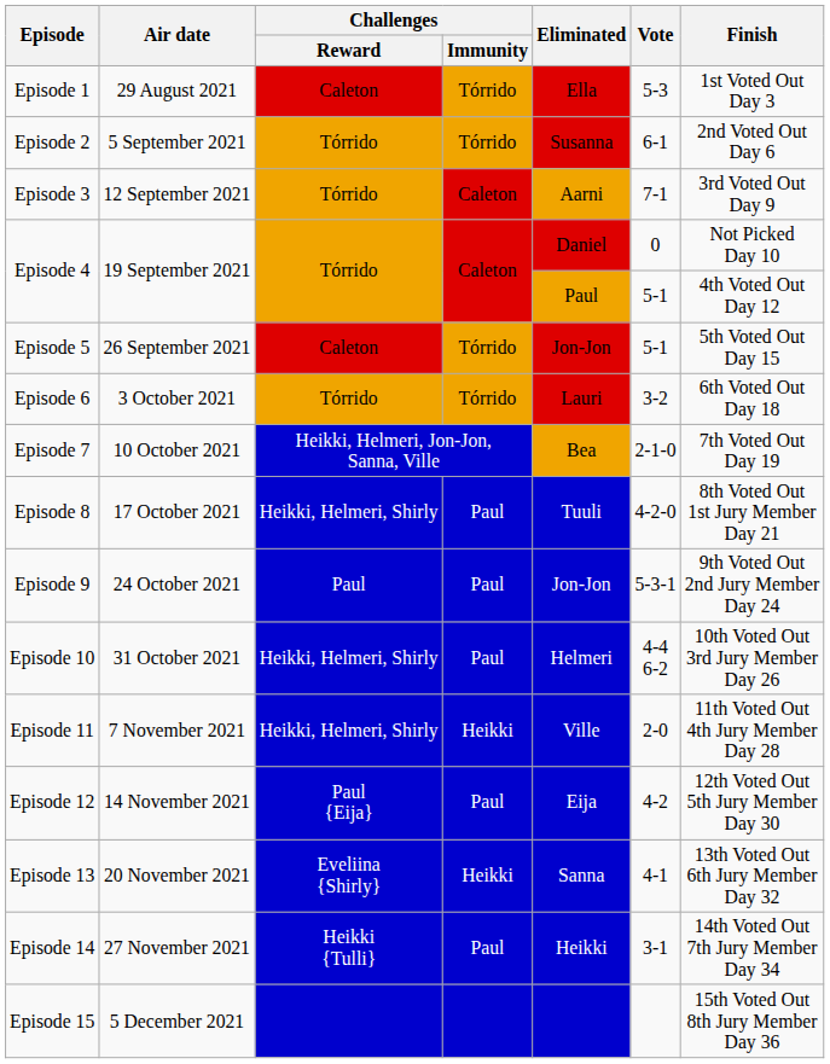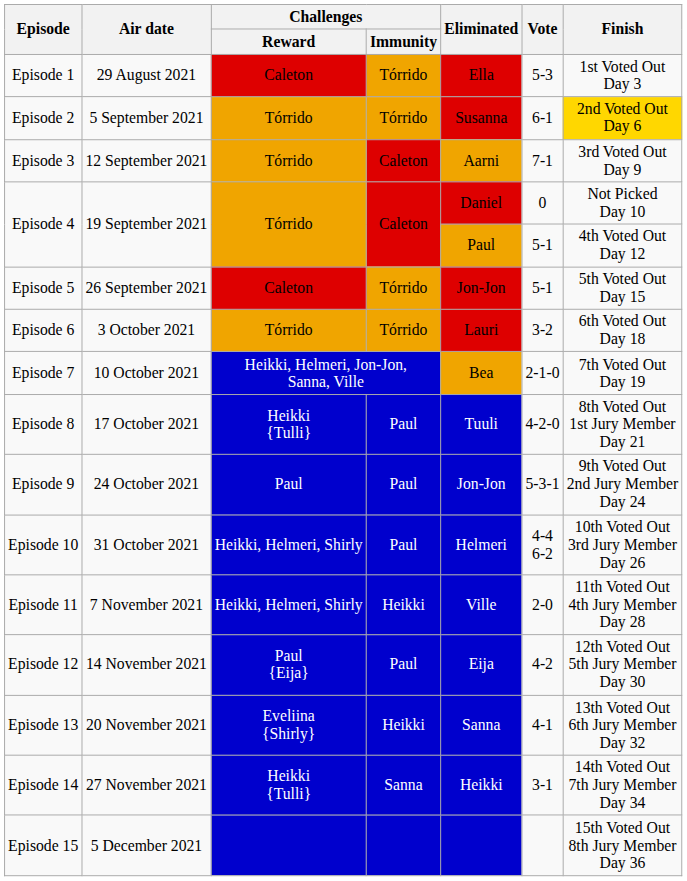 <table class="wikitable" style="margin:auto; text-align:center">
 <tr>
 <th rowspan="2">Episode</th>
 <th rowspan="2">Air date</th>
 <th colspan="2">Challenges</th>
 <th rowspan="2">Eliminated</th>
 <th rowspan="2">Vote</th>
 <th rowspan="2">Finish</th>
 </tr>
 <tr>
 <th>Reward</th>
 <th>Immunity</th>
 </tr>
 <tr>
 <td>Episode 1</td>
 <td>29 August 2021</td>
 <td bgcolor="#de0000">Caleton</td>
 <td bgcolor="#f0a500">Tórrido</td>
 <td bgcolor="#de0000">Ella</td>
 <td>5-3</td>
 <td>1st Voted Out<br>Day 3</td>
 </tr>
 <tr>
 <td>Episode 2</td>
 <td>5 September 2021</td>
 <td bgcolor="#f0a500">Tórrido</td>
 <td bgcolor="#f0a500">Tórrido</td>
 <td bgcolor="#de0000">Susanna</td>
 <td>6-1</td>
-<td>2nd Voted Out<br>Day 6</td>
+<td style="background: gold;">2nd Voted Out<br>Day 6</td>
 </tr>
 <tr>
 <td>Episode 3</td>
 <td>12 September 2021</td>
 <td bgcolor="#f0a500">Tórrido</td>
 <td bgcolor="#de0000">Caleton</td>
 <td bgcolor="#f0a500">Aarni</td>
 <td>7-1</td>
 <td>3rd Voted Out<br>Day 9</td>
 </tr>
 <tr>
 <td rowspan="2">Episode 4</td>
 <td rowspan="2">19 September 2021</td>
 <td rowspan="2" bgcolor="#f0a500">Tórrido</td>
 <td rowspan="2" bgcolor="#de0000">Caleton</td>
 <td rowspan="1" bgcolor="#de0000">Daniel</td>
 <td rowspan="1">0</td>
 <td rowspan="1">Not Picked<br>Day 10</td>
 </tr>
 <tr>
 <td rowspan="1" bgcolor="#f0a500">Paul</td>
 <td rowspan="1">5-1</td>
 <td rowspan="1">4th Voted Out<br>Day 12</td>
 </tr>
 <tr>
 <td>Episode 5</td>
 <td>26 September 2021</td>
 <td bgcolor="#de0000">Caleton</td>
 <td bgcolor="#f0a500">Tórrido</td>
 <td bgcolor="#de0000">Jon-Jon</td>
 <td>5-1</td>
 <td>5th Voted Out<br>Day 15</td>
 </tr>
 <tr>
 <td>Episode 6</td>
 <td>3 October 2021</td>
 <td bgcolor="#f0a500">Tórrido</td>
 <td bgcolor="#f0a500">Tórrido</td>
 <td bgcolor="#de0000">Lauri</td>
 <td>3-2</td>
 <td>6th Voted Out<br>Day 18</td>
 </tr>
 <tr>
 <td>Episode 7</td>
 <td>10 October 2021</td>
 <td colspan="2" style="background-color:#0000CD; color:white;">Heikki, Helmeri, Jon-Jon,<br>Sanna, Ville</td>
 <td bgcolor="#f0a500">Bea</td>
 <td>2-1-0</td>
 <td>7th Voted Out<br>Day 19</td>
 </tr>
 <tr>
 <td>Episode 8</td>
 <td>17 October 2021</td>
-<td style="background-color:#0000CD; color:white;">Heikki, Helmeri, Shirly</td>
+<td style="background-color:#0000CD; color:white;">Heikki<br>{Tulli}</td>
 <td style="background-color:#0000CD; color:white;">Paul</td>
 <td style="background-color:#0000CD; color:white;">Tuuli</td>
 <td>4-2-0</td>
 <td>8th Voted Out<br>1st Jury Member<br>Day 21</td>
 </tr>
 <tr>
 <td>Episode 9</td>
 <td>24 October 2021</td>
 <td style="background-color:#0000CD; color:white;">Paul</td>
 <td style="background-color:#0000CD; color:white;">Paul</td>
 <td style="background-color:#0000CD; color:white;">Jon-Jon</td>
 <td>5-3-1</td>
 <td>9th Voted Out<br>2nd Jury Member<br>Day 24</td>
 </tr>
 <tr>
 <td>Episode 10</td>
 <td>31 October 2021</td>
 <td style="background-color:#0000CD; color:white;">Heikki, Helmeri, Shirly</td>
 <td style="background-color:#0000CD; color:white;">Paul</td>
 <td style="background-color:#0000CD; color:white;">Helmeri</td>
 <td>4-4<br>6-2</td>
 <td>10th Voted Out<br>3rd Jury Member<br>Day 26</td>
 </tr>
 <tr>
 <td>Episode 11</td>
 <td>7 November 2021</td>
 <td style="background-color:#0000CD; color:white;">Heikki, Helmeri, Shirly</td>
 <td style="background-color:#0000CD; color:white;">Heikki</td>
 <td style="background-color:#0000CD; color:white;">Ville</td>
 <td>2-0</td>
 <td>11th Voted Out<br>4th Jury Member<br>Day 28</td>
 </tr>
 <tr>
 <td>Episode 12</td>
 <td>14 November 2021</td>
 <td style="background-color:#0000CD; color:white;">Paul<br>{Eija}</td>
 <td style="background-color:#0000CD; color:white;">Paul</td>
 <td style="background-color:#0000CD; color:white;">Eija</td>
 <td>4-2</td>
 <td>12th Voted Out<br>5th Jury Member<br>Day 30</td>
 </tr>
 <tr>
 <td>Episode 13</td>
 <td>20 November 2021</td>
 <td style="background-color:#0000CD; color:white;">Eveliina<br>{Shirly}</td>
 <td style="background-color:#0000CD; color:white;">Heikki</td>
 <td style="background-color:#0000CD; color:white;">Sanna</td>
 <td>4-1</td>
 <td>13th Voted Out<br>6th Jury Member<br>Day 32</td>
 </tr>
 <tr>
 <td>Episode 14</td>
 <td>27 November 2021</td>
 <td style="background-color:#0000CD; color:white;">Heikki<br>{Tulli}</td>
-<td style="background-color:#0000CD; color:white;">Paul</td>
+<td style="background-color:#0000CD; color:white;">Sanna</td>
 <td style="background-color:#0000CD; color:white;">Heikki</td>
 <td>3-1</td>
 <td>14th Voted Out<br>7th Jury Member<br>Day 34</td>
 </tr>
 <tr>
 <td>Episode 15</td>
 <td>5 December 2021</td>
 <td style="background-color:#0000CD; color:white;"></td>
 <td style="background-color:#0000CD; color:white;"></td>
 <td style="background-color:#0000CD; color:white;"></td>
 <td></td>
 <td>15th Voted Out<br>8th Jury Member<br>Day 36</td>
 </tr>
 </table>
